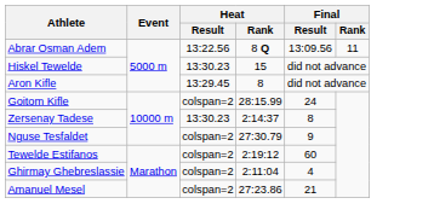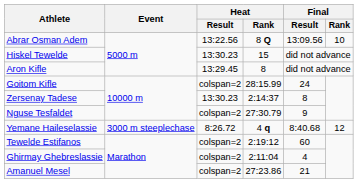 <table class="wikitable" style="font-size:90%">
 <tr>
 <th rowspan="2">Athlete</th>
 <th rowspan="2">Event</th>
 <th colspan="2">Heat</th>
 <th colspan="2">Final</th>
 </tr>
 <tr style="font-size:95%">
 <th>Result</th>
 <th>Rank</th>
 <th>Result</th>
 <th>Rank</th>
 </tr>
 <tr align=center>
 <td align=left><a href='#'>Abrar Osman Adem</a></td>
 <td align=left rowspan=3><a href='#'>5000 m</a></td>
 <td>13:22.56</td>
 <td>8 <strong>Q</strong></td>
 <td>13:09.56</td>
-<td>11</td>
+<td>10</td>
 </tr>
 <tr align=center>
 <td align=left><a href='#'>Hiskel Tewelde</a></td>
 <td>13:30.23</td>
 <td>15</td>
 <td colspan=2>did not advance</td>
 </tr>
 <tr align=center>
 <td align=left><a href='#'>Aron Kifle</a></td>
 <td>13:29.45</td>
 <td>8</td>
 <td colspan=2>did not advance</td>
 </tr>
 <tr align=center>
 <td align=left><a href='#'>Goitom Kifle</a></td>
 <td align=left rowspan=3><a href='#'>10000 m</a></td>
 <td>colspan=2 </td>
 <td>28:15.99</td>
 <td>24</td>
 </tr>
 <tr align=center>
 <td align=left><a href='#'>Zersenay Tadese</a></td>
 <td>13:30.23</td>
 <td>2:14:37</td>
 <td>8</td>
 </tr>
 <tr align=center>
 <td align=left><a href='#'>Nguse Tesfaldet</a></td>
 <td>colspan=2 </td>
 <td>27:30.79</td>
 <td>9</td>
 </tr>
 <tr align=center>
+<td align=left><a href='#'>Yemane Haileselassie</a></td>
+<td align=left><a href='#'>3000 m steeplechase</a></td>
+<td>8:26.72</td>
+<td>4 <strong>q</strong></td>
+<td>8:40.68</td>
+<td>12</td>
+</tr>
+<tr align=center>
 <td align=left><a href='#'>Tewelde Estifanos</a></td>
 <td align=left rowspan=3><a href='#'>Marathon</a></td>
 <td>colspan=2 </td>
 <td>2:19:12</td>
 <td>60</td>
 </tr>
 <tr align=center>
 <td align=left><a href='#'>Ghirmay Ghebreslassie</a></td>
 <td>colspan=2 </td>
 <td>2:11:04</td>
 <td>4</td>
 </tr>
 <tr align=center>
 <td align=left><a href='#'>Amanuel Mesel</a></td>
 <td>colspan=2 </td>
 <td>27:23.86</td>
 <td>21</td>
 </tr>
 </table>
